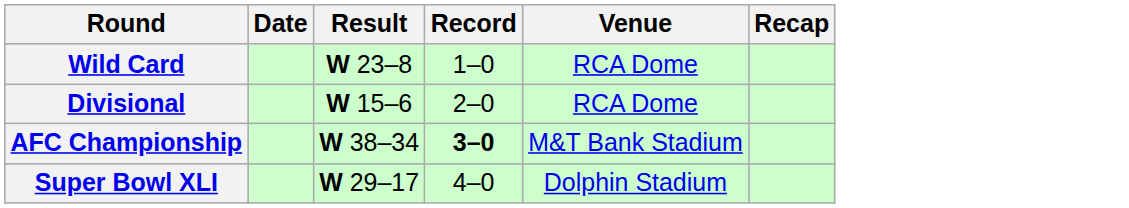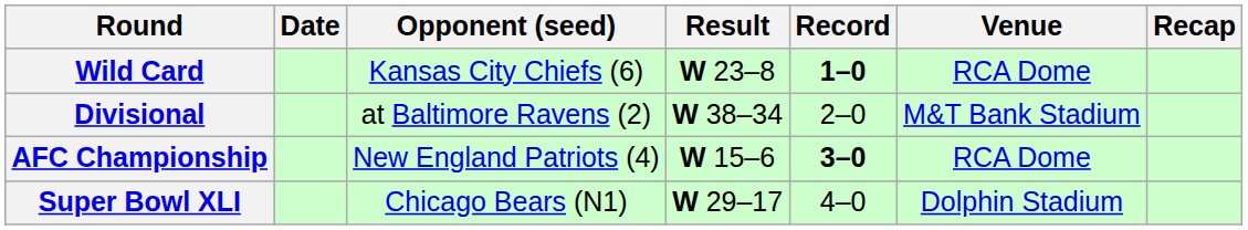 <table class="wikitable" style="text-align:center">
 <tr>
 <th>Round</th>
 <th>Date</th>
+<th>Opponent (seed)</th>
 <th>Result</th>
 <th>Record</th>
 <th>Venue</th>
 <th>Recap</th>
 </tr>
 <tr style="background:#cfc">
 <th><a href='#'>Wild Card</a></th>
 <td></td>
+<td><a href='#'>Kansas City Chiefs</a> (6)</td>
 <td><strong>W</strong> 23–8</td>
-<td>1–0</td>
+<td><strong>1–0</strong></td>
 <td><a href='#'>RCA Dome</a></td>
 <td></td>
 </tr>
 <tr style="background:#cfc">
 <th><a href='#'>Divisional</a></th>
 <td></td>
-<td><strong>W</strong> 15–6</td>
+<td>at <a href='#'>Baltimore Ravens</a> (2)</td>
+<td><strong>W</strong> 38–34</td>
 <td>2–0</td>
-<td><a href='#'>RCA Dome</a></td>
+<td><a href='#'>M&T Bank Stadium</a></td>
 <td></td>
 </tr>
 <tr style="background:#cfc">
 <th><a href='#'>AFC Championship</a></th>
 <td></td>
-<td><strong>W</strong> 38–34</td>
+<td><a href='#'>New England Patriots</a> (4)</td>
+<td><strong>W</strong> 15–6</td>
 <td><strong>3–0</strong></td>
-<td><a href='#'>M&T Bank Stadium</a></td>
+<td><a href='#'>RCA Dome</a></td>
 <td></td>
 </tr>
 <tr style="background:#cfc">
 <th><a href='#'>Super Bowl XLI</a></th>
 <td></td>
+<td><a href='#'>Chicago Bears</a> (N1)</td>
 <td><strong>W</strong> 29–17</td>
 <td>4–0</td>
 <td><a href='#'>Dolphin Stadium</a></td>
 <td></td>
 </tr>
 </table>
